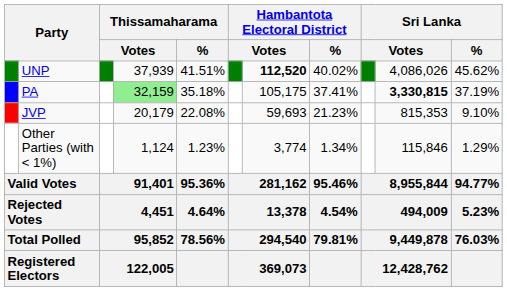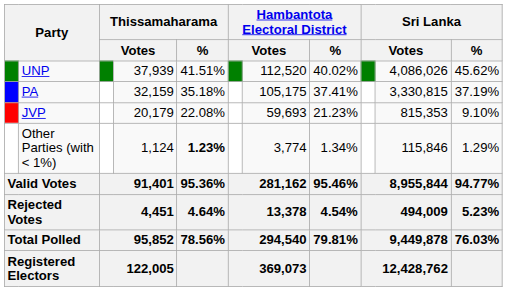 <table class="wikitable">
 <tr>
 <th colspan="2" width="144px"rowspan="2">Party</th>
 <th colspan="3" width="216px">Thissamaharama</th>
 <th colspan="3" width="216px"><a href='#'>Hambantota Electoral District</a></th>
 <th colspan="3" width="216px">Sri Lanka</th>
 </tr>
 <tr>
 <th colspan="2" width="144px">Votes</th>
 <th>%</th>
 <th colspan="2" width="144px">Votes</th>
 <th>%</th>
 <th colspan="2" width="144px">Votes</th>
 <th>%</th>
 </tr>
 <tr>
 <td style="background-color:green;" width="10px"></td>
 <td style="text-align:left;"><a href='#'>UNP</a></td>
 <td style="background-color:green;" width="10px"></td>
 <td style="text-align:right;">37,939</td>
 <td style="text-align:right;">41.51%</td>
 <td style="background-color:green;" width="10px"></td>
-<td style="text-align:right;"><strong>112,520</strong></td>
+<td style="text-align:right;">112,520</td>
 <td style="text-align:right;">40.02%</td>
 <td style="background-color:green;" width="10px"></td>
 <td style="text-align:right;">4,086,026</td>
 <td style="text-align:right;">45.62%</td>
 </tr>
 <tr>
 <td style="background-color:blue;" width="10px"></td>
 <td style="text-align:left;"><a href='#'>PA</a></td>
 <td style="background-color:white;" width="10px"></td>
-<td style="background: lightgreen; text-align:right;">32,159</td>
+<td style="text-align:right;">32,159</td>
 <td style="text-align:right;">35.18%</td>
 <td style="background-color:white;" width="10px"></td>
 <td style="text-align:right;">105,175</td>
 <td style="text-align:right;">37.41%</td>
 <td style="background-color:white;" width="10px"></td>
-<td style="text-align:right;"><strong>3,330,815</strong></td>
+<td style="text-align:right;">3,330,815</td>
 <td style="text-align:right;">37.19%</td>
 </tr>
 <tr>
 <td style="background-color:red;" width="10px"></td>
 <td style="text-align:left;"><a href='#'>JVP</a></td>
 <td style="background-color:white;" width="10px"></td>
 <td style="text-align:right;">20,179</td>
 <td style="text-align:right;">22.08%</td>
 <td style="background-color:white;" width="10px"></td>
 <td style="text-align:right;">59,693</td>
 <td style="text-align:right;">21.23%</td>
 <td style="background-color:white;" width="10px"></td>
 <td style="text-align:right;">815,353</td>
 <td style="text-align:right;">9.10%</td>
 </tr>
 <tr>
 <td style="background-color:white;" width="10px"></td>
 <td style="text-align:left;">Other Parties (with < 1%)</td>
 <td style="background-color:white;" width="10px"></td>
 <td style="text-align:right;">1,124</td>
-<td style="text-align:right;">1.23%</td>
+<td style="text-align:right;"><strong>1.23%</strong></td>
 <td style="background-color:white;" width="10px"></td>
 <td style="text-align:right;">3,774</td>
 <td style="text-align:right;">1.34%</td>
 <td style="background-color:white;" width="10px"></td>
 <td style="text-align:right;">115,846</td>
 <td style="text-align:right;">1.29%</td>
 </tr>
 <tr>
 <th colspan="2" width="144px"style="text-align:left;">Valid Votes</th>
 <th style="text-align:right;"colspan="2" width="144px">91,401</th>
 <th style="text-align:right;">95.36%</th>
 <th style="text-align:right;"colspan="2" width="144px">281,162</th>
 <th style="text-align:right;">95.46%</th>
 <th style="text-align:right;"colspan="2" width="144px">8,955,844</th>
 <th style="text-align:right;">94.77%</th>
 </tr>
 <tr>
 <th colspan="2" width="144px"style="text-align:left;">Rejected Votes</th>
 <th style="text-align:right;"colspan="2" width="144px">4,451</th>
 <th style="text-align:right;">4.64%</th>
 <th style="text-align:right;"colspan="2" width="144px">13,378</th>
 <th style="text-align:right;">4.54%</th>
 <th style="text-align:right;"colspan="2" width="144px">494,009</th>
 <th style="text-align:right;">5.23%</th>
 </tr>
 <tr>
 <th colspan="2" width="144px"style="text-align:left;">Total Polled</th>
 <th style="text-align:right;"colspan="2" width="144px">95,852</th>
 <th style="text-align:right;">78.56%</th>
 <th style="text-align:right;"colspan="2" width="144px">294,540</th>
 <th style="text-align:right;">79.81%</th>
 <th style="text-align:right;"colspan="2" width="144px">9,449,878</th>
 <th style="text-align:right;">76.03%</th>
 </tr>
 <tr>
 <th colspan="2" width="144px"style="text-align:left;">Registered Electors</th>
 <th style="text-align:right;"colspan="2" width="144px">122,005</th>
 <th></th>
 <th style="text-align:right;"colspan="2" width="144px">369,073</th>
 <th></th>
 <th style="text-align:right;"colspan="2" width="144px">12,428,762</th>
 <th></th>
 </tr>
 </table>
